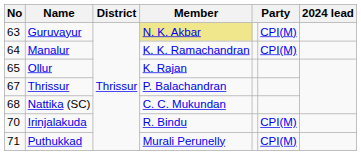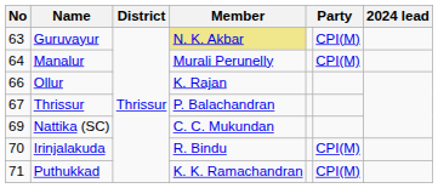 <table class="wikitable">
 <tr>
 <th>No</th>
 <th>Name</th>
 <th>District</th>
 <th>Member</th>
 <th colspan="2">Party</th>
 <th colspan="2">2024 lead</th>
 </tr>
 <tr>
 <td>63</td>
 <td><a href='#'>Guruvayur</a></td>
 <td rowspan="7"><a href='#'>Thrissur</a></td>
 <td style="background: khaki;"><a href='#'>N. K. Akbar</a></td>
 <td style="background-color: "></td>
 <td><a href='#'>CPI(M)</a></td>
 <td></td>
 </tr>
 <tr>
 <td>64</td>
 <td><a href='#'>Manalur</a></td>
-<td><a href='#'>K. K. Ramachandran</a></td>
+<td><a href='#'>Murali Perunelly</a></td>
 <td style="background-color: "></td>
 <td><a href='#'>CPI(M)</a></td>
 <td></td>
 </tr>
 <tr>
-<td>65</td>
+<td>66</td>
 <td><a href='#'>Ollur</a></td>
 <td><a href='#'>K. Rajan</a></td>
 <td></td>
 <td></td>
 </tr>
 <tr>
 <td>67</td>
 <td><a href='#'>Thrissur</a></td>
 <td><a href='#'>P. Balachandran</a></td>
 <td></td>
 <td></td>
 </tr>
 <tr>
-<td>68</td>
+<td>69</td>
 <td><a href='#'>Nattika</a> (SC)</td>
 <td><a href='#'>C. C. Mukundan</a></td>
 <td></td>
 <td></td>
 </tr>
 <tr>
 <td>70</td>
 <td><a href='#'>Irinjalakuda</a></td>
 <td><a href='#'>R. Bindu</a></td>
 <td style="background-color: "></td>
 <td><a href='#'>CPI(M)</a></td>
 <td></td>
 </tr>
 <tr>
 <td>71</td>
 <td><a href='#'>Puthukkad</a></td>
-<td><a href='#'>Murali Perunelly</a></td>
+<td><a href='#'>K. K. Ramachandran</a></td>
 <td style="background-color: "></td>
 <td><a href='#'>CPI(M)</a></td>
 <td></td>
 </tr>
 </table>
